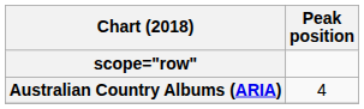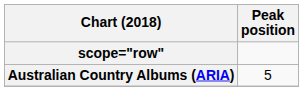 <table class="wikitable sortable plainrowheaders">
 <tr>
 <th scope="col">Chart (2018)</th>
 <th scope="col">Peak<br>position</th>
 </tr>
 <tr>
 <th>scope="row"</th>
 </tr>
 <tr>
 <th scope="row">Australian Country Albums (<a href='#'>ARIA</a>)</th>
-<td align="center">4</td>
+<td align="center">5</td>
 </tr>
 <tr>
 </tr>
 </table>
